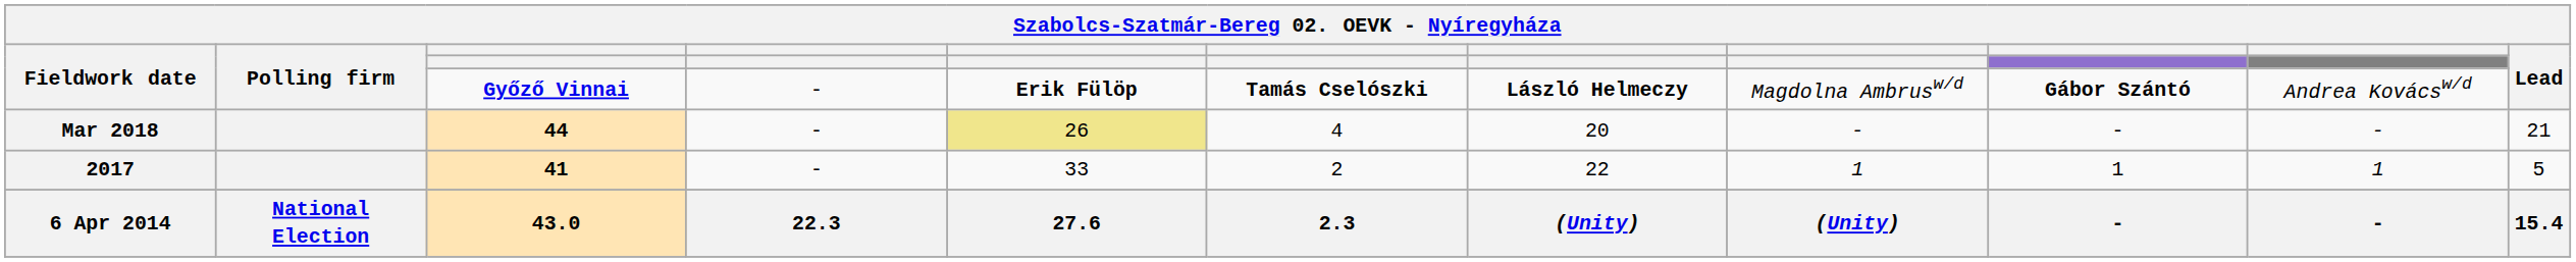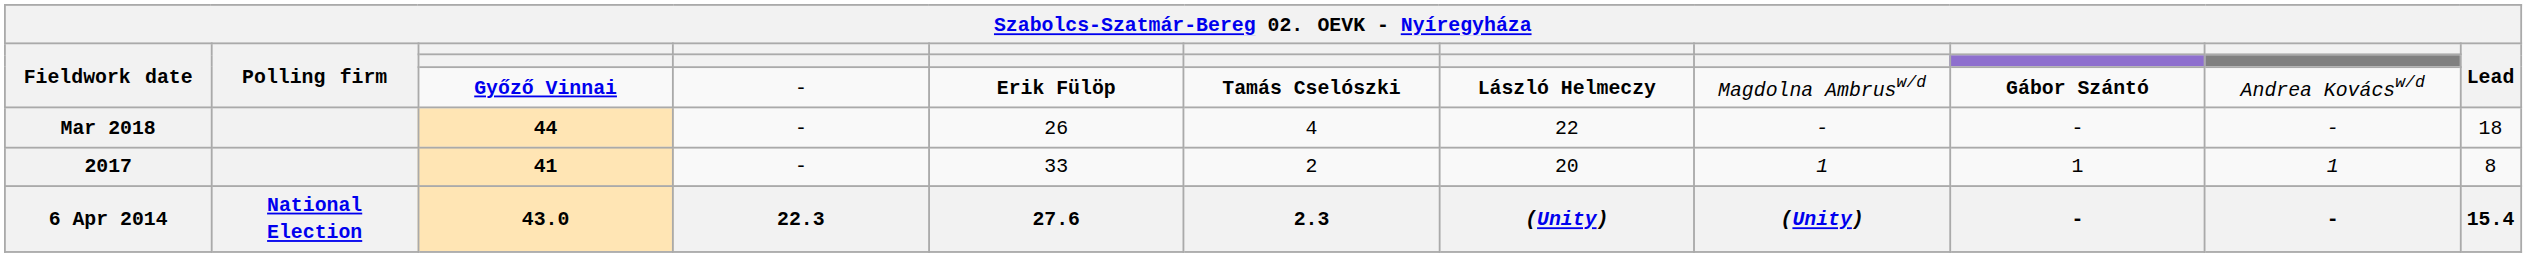 <table class="wikitable mw-collapsible mw-collapsed" style="text-align:center">
 <tr>
 <th colspan="11" style="width: 980pt;"><small><a href='#'>Szabolcs-Szatmár-Bereg</a> 02.</small> <small>OEVK - <a href='#'>Nyíregyháza</a></small></th>
 </tr>
 <tr>
 <th rowspan="3" style="width: 80pt;"><small>Fieldwork</small> <small>date</small></th>
 <th rowspan="3" style="width: 80pt;"><strong><small>Polling</small> <small>firm</small></strong></th>
 <th style="width: 100pt;"><small></small></th>
 <th style="width: 100pt;"><small> </small></th>
 <th style="width: 100pt;"></th>
 <th style="width: 100pt;"></th>
 <th style="width: 100pt;"></th>
 <th style="width: 100pt;"></th>
 <th style="width: 100pt;"></th>
 <th style="width: 100pt;"></th>
 <th rowspan="3" style="width: 20pt;"><small>Lead</small></th>
 </tr>
 <tr>
 <th style="color:inherit;background:"></th>
 <th style="color:inherit;background:"></th>
 <th style="color:inherit;background:"></th>
 <th style="color:inherit;background:"></th>
 <th style="color:inherit;background:"></th>
 <th style="color:inherit;background:"></th>
 <th style="color:inherit;background:#8E6FCE;"></th>
 <th style="color:inherit;background:#808080;"></th>
 </tr>
 <tr>
 <td><small><strong><a href='#'>Győző Vinnai</a></strong></small></td>
 <td><small>-</small></td>
 <td><small><strong>Erik Fülöp</strong></small></td>
 <td><small><strong>Tamás Cselószki</strong></small></td>
 <td><small><strong>László Helmeczy</strong></small></td>
 <td><em><small>Magdolna Ambrus<sup>w/d</sup></small></em></td>
 <td><small><strong>Gábor Szántó</strong></small></td>
 <td><em><small>Andrea Kovács<sup>w/d</sup></small></em></td>
 </tr>
 <tr>
 <th><small>Mar 2018</small></th>
 <th><small></small></th>
 <td style="background:#FFE5B4"><small><strong>44</strong></small></td>
 <td><small>-</small></td>
-<td style="background: khaki;"><small>26</small></td>
+<td><small>26</small></td>
 <td><small>4</small></td>
-<td><small>20</small></td>
+<td><small>22</small></td>
 <td><em><small>-</small></em></td>
 <td><small>-</small></td>
 <td><em><small>-</small></em></td>
-<td style="background:"><small>21</small></td>
+<td style="background:"><small>18</small></td>
 </tr>
 <tr>
 <th><small>2017</small></th>
 <th><small></small></th>
 <td style="background:#FFE5B4"><small><strong>41</strong></small></td>
 <td><small>-</small></td>
 <td><small>33</small></td>
 <td><small>2</small></td>
-<td><small>22</small></td>
+<td><small>20</small></td>
 <td><em><small>1</small></em></td>
 <td><small>1</small></td>
 <td><em><small>1</small></em></td>
-<td style="background:"><small>5</small></td>
+<td style="background:"><small>8</small></td>
 </tr>
 <tr>
 <th><small>6 Apr 2014</small></th>
 <th><a href='#'><small>National Election</small></a></th>
 <th style="background:#FFE5B4"><small><strong>43.0</strong></small></th>
 <th><small>22.3</small></th>
 <th><small>27.6</small></th>
 <th><small>2.3</small></th>
 <th><small><em>(<a href='#'>Unity</a>)</em></small></th>
 <th><small><em>(<a href='#'>Unity</a>)</em></small></th>
 <th><small>-</small></th>
 <th><small>-</small></th>
 <th style="background:"><small>15.4</small></th>
 </tr>
 </table>
